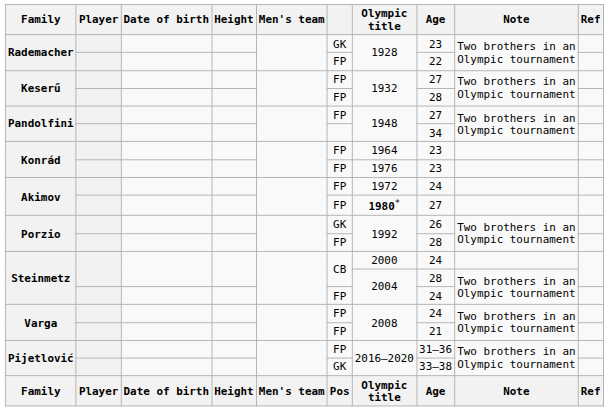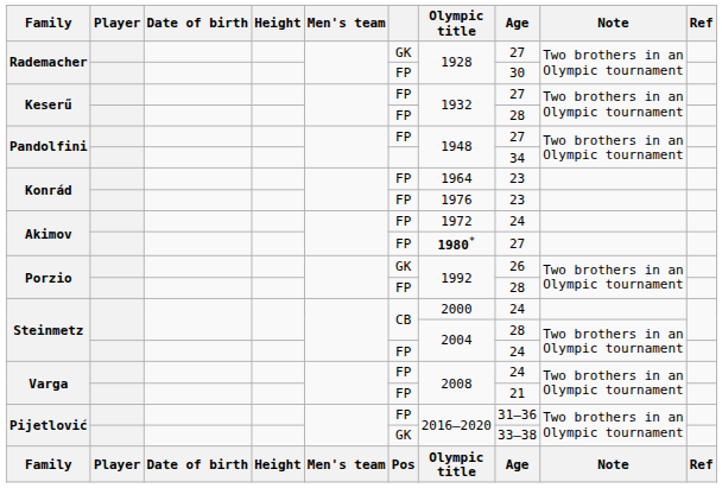 <table class="wikitable sortable sticky-header" style="text-align: center; font-size: 100%; margin-left: 1em;">
 <tr>
 <th scope="col">Family</th>
 <th scope="col">Player</th>
 <th scope="col">Date of birth</th>
 <th scope="col">Height</th>
 <th scope="col">Men's team</th>
 <th scope="col"></th>
 <th scope="col">Olympic<br>title</th>
 <th scope="col">Age</th>
 <th scope="col" class="unsortable">Note</th>
 <th scope="col" class="unsortable">Ref</th>
 </tr>
 <tr>
 <th scope="rowgroup" rowspan="2">Rademacher</th>
 <th scope="row" style="text-align: right; font-weight: normal;"></th>
 <td style="text-align: right;"></td>
 <td style="text-align: left;"></td>
 <td rowspan="2" style="text-align: left;"></td>
 <td>GK</td>
 <td rowspan="2">1928</td>
-<td>23</td>
+<td>27</td>
 <td rowspan="2" style="text-align: left;">Two brothers in an<br>Olympic tournament</td>
 <td></td>
 </tr>
 <tr>
 <th scope="row" style="text-align: right; font-weight: normal;"></th>
 <td style="text-align: right;"></td>
 <td style="text-align: left;"></td>
 <td>FP</td>
-<td>22</td>
+<td>30</td>
 <td></td>
 </tr>
 <tr>
 <th scope="rowgroup" rowspan="2">Keserű</th>
 <th scope="row" style="text-align: right; font-weight: normal;"></th>
 <td style="text-align: right;"></td>
 <td style="text-align: left;"></td>
 <td rowspan="2" style="text-align: left;"></td>
 <td>FP</td>
 <td rowspan="2">1932</td>
 <td>27</td>
 <td rowspan="2" style="text-align: left;">Two brothers in an<br>Olympic tournament</td>
 <td></td>
 </tr>
 <tr>
 <th scope="row" style="text-align: right; font-weight: normal;"></th>
 <td style="text-align: right;"></td>
 <td style="text-align: left;"></td>
 <td>FP</td>
 <td>28</td>
 <td></td>
 </tr>
 <tr>
 <th scope="rowgroup" rowspan="2">Pandolfini</th>
 <th scope="row" style="text-align: right; font-weight: normal;"></th>
 <td style="text-align: right;"></td>
 <td style="text-align: left;"></td>
 <td rowspan="2" style="text-align: left;"></td>
 <td>FP</td>
 <td rowspan="2">1948</td>
 <td>27</td>
 <td rowspan="2" style="text-align: left;">Two brothers in an<br>Olympic tournament</td>
 <td></td>
 </tr>
 <tr>
 <th scope="row" style="text-align: right; font-weight: normal;"></th>
 <td style="text-align: right;"></td>
 <td style="text-align: left;"></td>
 <td></td>
 <td>34</td>
 <td></td>
 </tr>
 <tr>
 <th scope="rowgroup" rowspan="2">Konrád</th>
 <th scope="row" style="text-align: right; font-weight: normal;"></th>
 <td style="text-align: right;"></td>
 <td style="text-align: left;"></td>
 <td rowspan="2" style="text-align: left;"></td>
 <td>FP</td>
 <td>1964</td>
 <td>23</td>
 <td style="text-align: left;"></td>
 <td></td>
 </tr>
 <tr>
 <th scope="row" style="text-align: right; font-weight: normal;"></th>
 <td style="text-align: right;"></td>
 <td style="text-align: left;"></td>
 <td>FP</td>
 <td>1976</td>
 <td>23</td>
 <td style="text-align: left;"></td>
 <td></td>
 </tr>
 <tr>
 <th scope="rowgroup" rowspan="2">Akimov</th>
 <th scope="row" style="text-align: right; font-weight: normal;"></th>
 <td style="text-align: right;"></td>
 <td style="text-align: left;"></td>
 <td rowspan="2" style="text-align: left;"></td>
 <td>FP</td>
 <td>1972</td>
 <td>24</td>
 <td style="text-align: left;"></td>
 <td></td>
 </tr>
 <tr>
 <th scope="row" style="text-align: right; font-weight: normal;"></th>
 <td style="text-align: right;"></td>
 <td style="text-align: left;"></td>
 <td>FP</td>
 <td><strong>1980</strong><sup>*</sup></td>
 <td>27</td>
 <td style="text-align: left;"></td>
 <td></td>
 </tr>
 <tr>
 <th scope="rowgroup" rowspan="2">Porzio</th>
 <th scope="row" style="text-align: right; font-weight: normal;"></th>
 <td style="text-align: right;"></td>
 <td style="text-align: left;"></td>
 <td rowspan="2" style="text-align: left;"></td>
 <td>GK</td>
 <td rowspan="2">1992</td>
 <td>26</td>
 <td rowspan="2" style="text-align: left;">Two brothers in an<br>Olympic tournament</td>
 <td></td>
 </tr>
 <tr>
 <th scope="row" style="text-align: right; font-weight: normal;"></th>
 <td style="text-align: right;"></td>
 <td style="text-align: left;"></td>
 <td>FP</td>
 <td>28</td>
 <td></td>
 </tr>
 <tr>
 <th scope="rowgroup" rowspan="3">Steinmetz</th>
 <th scope="rowgroup" rowspan="2" style="text-align: right; font-weight: normal;"></th>
 <td rowspan="2" style="text-align: right;"></td>
 <td rowspan="2" style="text-align: left;"></td>
 <td rowspan="3" style="text-align: left;"></td>
 <td rowspan="2">CB</td>
 <td>2000</td>
 <td>24</td>
 <td style="text-align: left;"></td>
 <td rowspan="2"></td>
 </tr>
 <tr>
 <td rowspan="2">2004</td>
 <td>28</td>
 <td rowspan="2" style="text-align: left;">Two brothers in an<br>Olympic tournament</td>
 </tr>
 <tr>
 <th scope="row" style="text-align: right; font-weight: normal;"></th>
 <td style="text-align: right;"></td>
 <td style="text-align: left;"></td>
 <td>FP</td>
 <td>24</td>
 <td></td>
 </tr>
 <tr>
 <th scope="rowgroup" rowspan="2">Varga</th>
 <th scope="row" style="text-align: right; font-weight: normal;"></th>
 <td style="text-align: right;"></td>
 <td style="text-align: left;"></td>
 <td rowspan="2" style="text-align: left;"></td>
 <td>FP</td>
 <td rowspan="2">2008</td>
 <td>24</td>
 <td rowspan="2" style="text-align: left;">Two brothers in an<br>Olympic tournament</td>
 <td></td>
 </tr>
 <tr>
 <th scope="row" style="text-align: right; font-weight: normal;"></th>
 <td style="text-align: right;"></td>
 <td style="text-align: left;"></td>
 <td>FP</td>
 <td>21</td>
 <td></td>
 </tr>
 <tr>
 <th scope="rowgroup" rowspan="2">Pijetlović</th>
 <th scope="row" style="text-align: right; font-weight: normal;"></th>
 <td style="text-align: right;"></td>
 <td style="text-align: left;"></td>
 <td rowspan="2" style="text-align: left;"></td>
 <td>FP</td>
 <td rowspan="2">2016–2020</td>
 <td>31–36</td>
 <td rowspan="2" style="text-align: left;">Two brothers in an<br>Olympic tournament</td>
 <td></td>
 </tr>
 <tr>
 <th scope="row" style="text-align: right; font-weight: normal;"></th>
 <td style="text-align: right;"></td>
 <td style="text-align: left;"></td>
 <td>GK</td>
 <td>33–38</td>
 <td></td>
 </tr>
 <tr class="sortbottom">
 <th>Family</th>
 <th>Player</th>
 <th>Date of birth</th>
 <th>Height</th>
 <th>Men's team</th>
 <th>Pos</th>
 <th>Olympic<br>title</th>
 <th>Age</th>
 <th>Note</th>
 <th>Ref</th>
 </tr>
 </table>
